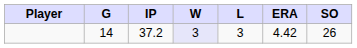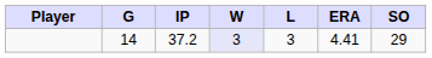 <table class="wikitable sortable">
 <tr>
 <th style="background:#ddf; width:16%;">Player</th>
 <th style="background:#ddf; width:9%;">G</th>
 <th style="background:#ddf; width:9%;">IP</th>
 <th style="background:#ddf; width:9%;">W</th>
 <th style="background:#ddf; width:9%;">L</th>
 <th style="background:#ddf; width:9%;">ERA</th>
 <th style="background:#ddf; width:9%;">SO</th>
 </tr>
 <tr style="text-align:center;">
 <td></td>
 <td>14</td>
 <td>37.2</td>
 <td style="background: lavender;">3</td>
 <td>3</td>
-<td>4.42</td>
-<td>26</td>
+<td>4.41</td>
+<td>29</td>
 </tr>
 </table>
